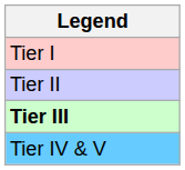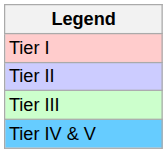 <table class=wikitable style="font-size:90%; width:10%;">
 <tr>
 <th>Legend</th>
 </tr>
 <tr style="background:#fcc;">
 <td>Tier I</td>
 </tr>
 <tr style="background:#ccf;">
 <td>Tier II</td>
 </tr>
 <tr style="background:#cfc;">
-<td><strong>Tier III</strong></td>
+<td>Tier III</td>
 </tr>
 <tr style="background:#6cf;">
 <td>Tier IV & V</td>
 </tr>
 </table>
